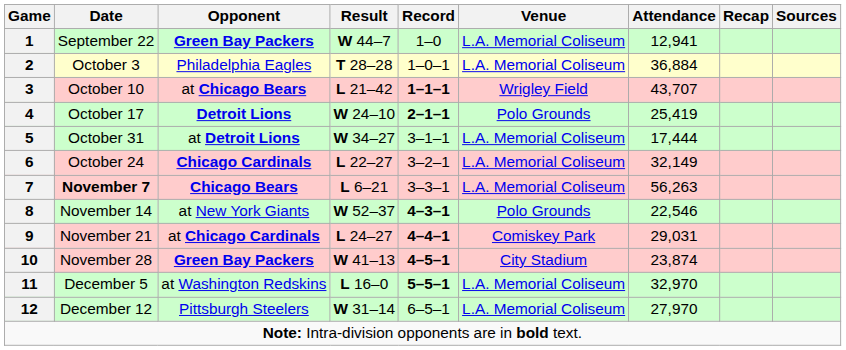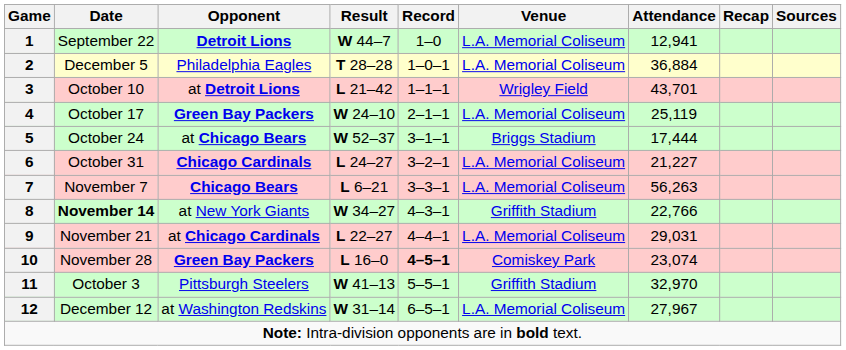 <table class="wikitable" style="text-align:center">
 <tr>
 <th>Game</th>
 <th>Date</th>
 <th>Opponent</th>
 <th>Result</th>
 <th>Record</th>
 <th>Venue</th>
 <th>Attendance</th>
 <th>Recap</th>
 <th>Sources</th>
 </tr>
 <tr style="background:#cfc">
 <th>1</th>
 <td>September 22</td>
-<td><strong><a href='#'>Green Bay Packers</a></strong></td>
+<td><strong><a href='#'>Detroit Lions</a></strong></td>
 <td><strong>W</strong> 44–7</td>
 <td>1–0</td>
 <td><a href='#'>L.A. Memorial Coliseum</a></td>
 <td>12,941</td>
 <td></td>
 <td></td>
 </tr>
 <tr style="background:#ffc">
 <th>2</th>
-<td>October 3</td>
+<td>December 5</td>
 <td><a href='#'>Philadelphia Eagles</a></td>
 <td><strong>T</strong> 28–28</td>
 <td>1–0–1</td>
 <td><a href='#'>L.A. Memorial Coliseum</a></td>
 <td>36,884</td>
 <td></td>
 <td></td>
 </tr>
 <tr style="background:#fcc">
 <th>3</th>
 <td>October 10</td>
-<td>at <strong><a href='#'>Chicago Bears</a></strong></td>
+<td>at <strong><a href='#'>Detroit Lions</a></strong></td>
 <td><strong>L</strong> 21–42</td>
-<td><strong>1–1–1</strong></td>
+<td>1–1–1</td>
 <td><a href='#'>Wrigley Field</a></td>
-<td>43,707</td>
+<td>43,701</td>
 <td></td>
 <td></td>
 </tr>
 <tr style="background:#cfc">
 <th>4</th>
 <td>October 17</td>
-<td><strong><a href='#'>Detroit Lions</a></strong></td>
+<td><strong><a href='#'>Green Bay Packers</a></strong></td>
 <td><strong>W</strong> 24–10</td>
-<td><strong>2–1–1</strong></td>
-<td><a href='#'>Polo Grounds</a></td>
-<td>25,419</td>
+<td>2–1–1</td>
+<td><a href='#'>L.A. Memorial Coliseum</a></td>
+<td>25,119</td>
 <td></td>
 <td></td>
 </tr>
 <tr style="background:#cfc">
 <th>5</th>
-<td>October 31</td>
-<td>at <strong><a href='#'>Detroit Lions</a></strong></td>
-<td><strong>W</strong> 34–27</td>
+<td>October 24</td>
+<td>at <strong><a href='#'>Chicago Bears</a></strong></td>
+<td><strong>W</strong> 52–37</td>
 <td>3–1–1</td>
-<td><a href='#'>L.A. Memorial Coliseum</a></td>
+<td><a href='#'>Briggs Stadium</a></td>
 <td>17,444</td>
 <td></td>
 <td></td>
 </tr>
 <tr style="background:#fcc">
 <th>6</th>
-<td>October 24</td>
+<td>October 31</td>
 <td><strong><a href='#'>Chicago Cardinals</a></strong></td>
-<td><strong>L</strong> 22–27</td>
+<td><strong>L</strong> 24–27</td>
 <td>3–2–1</td>
 <td><a href='#'>L.A. Memorial Coliseum</a></td>
-<td>32,149</td>
+<td>21,227</td>
 <td></td>
 <td></td>
 </tr>
 <tr style="background:#fcc">
 <th>7</th>
-<td><strong>November 7</strong></td>
+<td>November 7</td>
 <td><strong><a href='#'>Chicago Bears</a></strong></td>
 <td><strong>L</strong> 6–21</td>
 <td>3–3–1</td>
 <td><a href='#'>L.A. Memorial Coliseum</a></td>
 <td>56,263</td>
 <td></td>
 <td></td>
 </tr>
 <tr style="background:#cfc">
 <th>8</th>
-<td>November 14</td>
+<td><strong>November 14</strong></td>
 <td>at <a href='#'>New York Giants</a></td>
-<td><strong>W</strong> 52–37</td>
-<td><strong>4–3–1</strong></td>
-<td><a href='#'>Polo Grounds</a></td>
-<td>22,546</td>
+<td><strong>W</strong> 34–27</td>
+<td>4–3–1</td>
+<td><a href='#'>Griffith Stadium</a></td>
+<td>22,766</td>
 <td></td>
 <td></td>
 </tr>
 <tr style="background:#fcc">
 <th>9</th>
 <td>November 21</td>
 <td>at <strong><a href='#'>Chicago Cardinals</a></strong></td>
-<td><strong>L</strong> 24–27</td>
-<td><strong>4–4–1</strong></td>
-<td><a href='#'>Comiskey Park</a></td>
+<td><strong>L</strong> 22–27</td>
+<td>4–4–1</td>
+<td><a href='#'>L.A. Memorial Coliseum</a></td>
 <td>29,031</td>
 <td></td>
 <td></td>
 </tr>
 <tr style="background:#fcc">
 <th>10</th>
 <td>November 28</td>
 <td><strong><a href='#'>Green Bay Packers</a></strong></td>
-<td><strong>W</strong> 41–13</td>
+<td><strong>L</strong> 16–0</td>
 <td><strong>4–5–1</strong></td>
-<td><a href='#'>City Stadium</a></td>
-<td>23,874</td>
+<td><a href='#'>Comiskey Park</a></td>
+<td>23,074</td>
 <td></td>
 <td></td>
 </tr>
 <tr style="background:#cfc">
 <th>11</th>
-<td>December 5</td>
-<td>at <a href='#'>Washington Redskins</a></td>
-<td><strong>L</strong> 16–0</td>
-<td><strong>5–5–1</strong></td>
-<td><a href='#'>L.A. Memorial Coliseum</a></td>
+<td>October 3</td>
+<td><a href='#'>Pittsburgh Steelers</a></td>
+<td><strong>W</strong> 41–13</td>
+<td>5–5–1</td>
+<td><a href='#'>Griffith Stadium</a></td>
 <td>32,970</td>
 <td></td>
 <td></td>
 </tr>
 <tr style="background:#cfc">
 <th>12</th>
 <td>December 12</td>
-<td><a href='#'>Pittsburgh Steelers</a></td>
+<td>at <a href='#'>Washington Redskins</a></td>
 <td><strong>W</strong> 31–14</td>
 <td>6–5–1</td>
 <td><a href='#'>L.A. Memorial Coliseum</a></td>
-<td>27,970</td>
+<td>27,967</td>
 <td></td>
 <td></td>
 </tr>
 <tr>
 <td colspan="10"><strong>Note:</strong> Intra-division opponents are in <strong>bold</strong> text.</td>
 </tr>
 </table>
